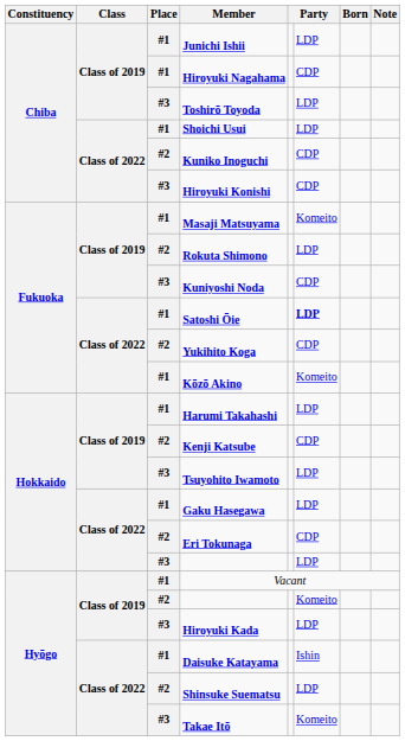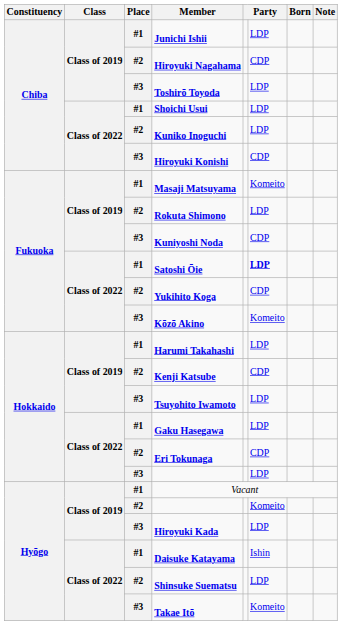 <table class="wikitable sortable plainrowheaders" id="votingmembers">
 <tr style="vertical-align:bottom">
 <th>Constituency</th>
 <th>Class</th>
 <th>Place</th>
 <th>Member</th>
 <th colspan=2>Party</th>
 <th>Born</th>
 <th>Note</th>
 </tr>
 <tr>
 <th rowspan=6><a href='#'>Chiba</a></th>
 <th rowspan=3>Class of 2019</th>
 <th>#1</th>
 <td><br><strong><a href='#'>Junichi Ishii</a></strong></td>
 <td style="background-color:"></td>
 <td><a href='#'>LDP</a></td>
 <td></td>
 <td></td>
 </tr>
 <tr>
-<th>#1</th>
+<th>#2</th>
 <td><br><strong><a href='#'>Hiroyuki Nagahama</a></strong></td>
 <td style="background-color:"></td>
 <td><a href='#'>CDP</a></td>
 <td></td>
 <td></td>
 </tr>
 <tr>
 <th>#3</th>
 <td><br><strong><a href='#'>Toshirō Toyoda</a></strong></td>
 <td style="background-color:"></td>
 <td><a href='#'>LDP</a></td>
 <td></td>
 <td></td>
 </tr>
 <tr>
 <th rowspan=3>Class of 2022</th>
 <th>#1</th>
 <td><strong><a href='#'>Shoichi Usui</a></strong></td>
 <td style="background-color:"></td>
 <td><a href='#'>LDP</a></td>
 <td></td>
 <td></td>
 </tr>
 <tr>
 <th>#2</th>
 <td><br><strong><a href='#'>Kuniko Inoguchi</a></strong></td>
 <td style="background-color:"></td>
-<td><a href='#'>CDP</a></td>
+<td><a href='#'>LDP</a></td>
 <td></td>
 <td></td>
 </tr>
 <tr>
 <th>#3</th>
 <td><br><strong><a href='#'>Hiroyuki Konishi</a></strong></td>
 <td style="background-color:"></td>
 <td><a href='#'>CDP</a></td>
 <td></td>
 <td></td>
 </tr>
 <tr>
 <th rowspan=6><a href='#'>Fukuoka</a></th>
 <th rowspan=3>Class of 2019</th>
 <th>#1</th>
 <td><br><strong><a href='#'>Masaji Matsuyama</a></strong></td>
 <td style="background-color:"></td>
 <td><a href='#'>Komeito</a></td>
 <td></td>
 <td></td>
 </tr>
 <tr>
 <th>#2</th>
 <td><br><strong><a href='#'>Rokuta Shimono</a></strong></td>
 <td style="background-color:"></td>
 <td><a href='#'>LDP</a></td>
 <td></td>
 <td></td>
 </tr>
 <tr>
 <th>#3</th>
 <td><br><strong><a href='#'>Kuniyoshi Noda</a></strong></td>
 <td style="background-color:"></td>
 <td><a href='#'>CDP</a></td>
 <td></td>
 <td></td>
 </tr>
 <tr>
 <th rowspan=3>Class of 2022</th>
 <th>#1</th>
 <td><br><strong><a href='#'>Satoshi Ōie</a></strong></td>
 <td style="background-color:"></td>
 <td><strong><a href='#'>LDP</a></strong></td>
 <td></td>
 <td></td>
 </tr>
 <tr>
 <th>#2</th>
 <td><br><strong><a href='#'>Yukihito Koga</a></strong></td>
 <td style="background-color:"></td>
 <td><a href='#'>CDP</a></td>
 <td></td>
 <td></td>
 </tr>
 <tr>
-<th>#1</th>
+<th>#3</th>
 <td><br><strong><a href='#'>Kōzō Akino</a></strong></td>
 <td style="background-color:"></td>
 <td><a href='#'>Komeito</a></td>
 <td></td>
 <td></td>
 </tr>
 <tr>
 <th rowspan=6><a href='#'>Hokkaido</a></th>
 <th rowspan=3>Class of 2019</th>
 <th>#1</th>
 <td><br><strong><a href='#'>Harumi Takahashi</a></strong></td>
 <td style="background-color:"></td>
 <td><a href='#'>LDP</a></td>
 <td></td>
 <td></td>
 </tr>
 <tr>
 <th>#2</th>
 <td><br><strong><a href='#'>Kenji Katsube</a></strong></td>
 <td style="background-color:"></td>
 <td><a href='#'>CDP</a></td>
 <td></td>
 <td></td>
 </tr>
 <tr>
 <th>#3</th>
 <td><br><strong><a href='#'>Tsuyohito Iwamoto</a></strong></td>
 <td style="background-color:"></td>
 <td><a href='#'>LDP</a></td>
 <td></td>
 <td></td>
 </tr>
 <tr>
 <th rowspan=3>Class of 2022</th>
 <th>#1</th>
 <td><br><strong><a href='#'>Gaku Hasegawa</a></strong></td>
 <td style="background-color:"></td>
 <td><a href='#'>LDP</a></td>
 <td></td>
 <td></td>
 </tr>
 <tr>
 <th>#2</th>
 <td><br><strong><a href='#'>Eri Tokunaga</a></strong></td>
 <td style="background-color:"></td>
 <td><a href='#'>CDP</a></td>
 <td></td>
 <td></td>
 </tr>
 <tr>
 <th>#3</th>
 <td><br><strong></strong></td>
 <td style="background-color:"></td>
 <td><a href='#'>LDP</a></td>
 <td></td>
 <td></td>
 </tr>
 <tr>
 <th rowspan=6><a href='#'>Hyōgo</a></th>
 <th rowspan=3>Class of 2019</th>
 <th>#1</th>
 <td colspan=5 style="text-align:center;"><em>Vacant</em></td>
 </tr>
 <tr>
 <th>#2</th>
 <td><br><strong></strong></td>
 <td style="background-color:"></td>
 <td><a href='#'>Komeito</a></td>
 <td></td>
 <td></td>
 </tr>
 <tr>
 <th>#3</th>
 <td><br><strong><a href='#'>Hiroyuki Kada</a></strong></td>
 <td style="background-color:"></td>
 <td><a href='#'>LDP</a></td>
 <td></td>
 <td></td>
 </tr>
 <tr>
 <th rowspan=3>Class of 2022</th>
 <th>#1</th>
 <td><br><strong><a href='#'>Daisuke Katayama</a></strong></td>
 <td style="background-color:"></td>
 <td><a href='#'>Ishin</a></td>
 <td></td>
 <td></td>
 </tr>
 <tr>
 <th>#2</th>
 <td><br><strong><a href='#'>Shinsuke Suematsu</a></strong></td>
 <td style="background-color:"></td>
 <td><a href='#'>LDP</a></td>
 <td></td>
 <td></td>
 </tr>
 <tr>
 <th>#3</th>
 <td><br><strong><a href='#'>Takae Itō</a></strong></td>
 <td style="background-color:"></td>
 <td><a href='#'>Komeito</a></td>
 <td></td>
 <td></td>
 </tr>
 </table>
